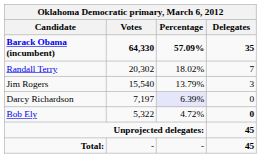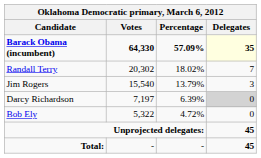 <table class="wikitable" style="font-size:95%;">
 <tr>
 <th colspan="4">Oklahoma Democratic primary, March 6, 2012</th>
 </tr>
 <tr>
 <th style="width:160px;">Candidate</th>
 <th style="width:75px;">Votes</th>
 <th style="width:75px;">Percentage</th>
 <th style="width:75px;">Delegates</th>
 </tr>
 <tr style="text-align:right;">
 <td style="text-align:left;"><strong><a href='#'>Barack Obama</a></strong> <strong>(incumbent)</strong></td>
 <td><strong>64,330</strong></td>
 <td><strong>57.09%</strong></td>
-<td><strong>35</strong></td>
+<td style="background: lightyellow;"><strong>35</strong></td>
 </tr>
 <tr style="text-align:right;">
 <td style="text-align:left;"><a href='#'>Randall Terry</a></td>
 <td>20,302</td>
 <td>18.02%</td>
 <td>7</td>
 </tr>
 <tr style="text-align:right;">
 <td style="text-align:left;">Jim Rogers</td>
 <td>15,540</td>
 <td>13.79%</td>
 <td>3</td>
 </tr>
 <tr style="text-align:right;">
 <td style="text-align:left;">Darcy Richardson</td>
 <td>7,197</td>
-<td style="background: lavender;">6.39%</td>
-<td>0</td>
+<td>6.39%</td>
+<td style="background: lightgrey;">0</td>
 </tr>
 <tr style="text-align:right;">
 <td style="text-align:left;"><a href='#'>Bob Ely</a></td>
 <td>5,322</td>
 <td>4.72%</td>
-<td><strong>0</strong></td>
+<td>0</td>
 </tr>
 <tr style="text-align:right;">
 <td colspan="3"><strong>Unprojected delegates:</strong></td>
 <td><strong>45</strong></td>
 </tr>
 <tr style="text-align:right;">
 <td><strong>Total:</strong></td>
 <td>-</td>
 <td>-</td>
 <td><strong>45</strong></td>
 </tr>
 </table>
